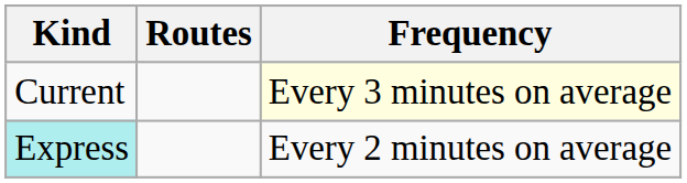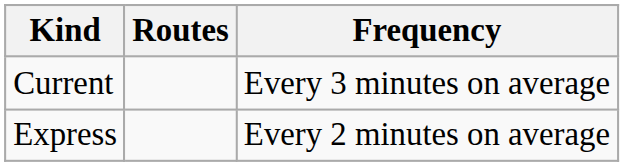 <table class="wikitable" style="margin:1em auto;">
 <tr>
 <th>Kind</th>
 <th>Routes</th>
 <th>Frequency</th>
 </tr>
 <tr>
 <td>Current</td>
 <td></td>
-<td style="background: lightyellow;">Every 3 minutes on average</td>
+<td>Every 3 minutes on average</td>
 </tr>
 <tr>
-<td style="background: paleturquoise;">Express</td>
+<td>Express</td>
 <td> </td>
 <td>Every 2 minutes on average</td>
 </tr>
 </table>
